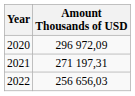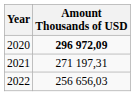 <table class="wikitable" style="text-align:center;">
 <tr>
 <th>Year</th>
 <th>Amount<br>Thousands of USD</th>
 </tr>
 <tr>
 <td>2020</td>
-<td>296 972,09</td>
+<td><strong>296 972,09</strong></td>
 </tr>
 <tr>
 <td>2021</td>
 <td>271 197,31 </td>
 </tr>
 <tr>
 <td>2022</td>
 <td>256 656,03 </td>
 </tr>
 </table>
